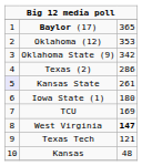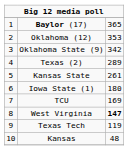 <table class="wikitable" style="display: inline-table;">
 <tr>
 <td align="center" Colspan="3"><strong>Big 12 media poll</strong></td>
 </tr>
 <tr align="center">
 </tr>
 <tr align="center">
 <td>1</td>
 <td><strong>Baylor</strong> (17)</td>
 <td>365</td>
 </tr>
 <tr align="center">
 <td>2</td>
 <td>Oklahoma (12)</td>
 <td>353</td>
 </tr>
 <tr align="center">
 <td>3</td>
 <td>Oklahoma State (9)</td>
 <td>342</td>
 </tr>
 <tr align="center">
 <td>4</td>
 <td>Texas (2)</td>
-<td>286</td>
+<td>289</td>
 </tr>
 <tr align="center">
-<td style="background: lavender;">5</td>
+<td>5</td>
 <td>Kansas State</td>
 <td>261</td>
 </tr>
 <tr align="center">
 <td>6</td>
 <td>Iowa State (1)</td>
 <td>180</td>
 </tr>
 <tr align="center">
 <td>7</td>
 <td>TCU</td>
 <td>169</td>
 </tr>
 <tr align="center">
 <td>8</td>
 <td>West Virginia</td>
 <td><strong>147</strong></td>
 </tr>
 <tr align="center">
 <td>9</td>
 <td>Texas Tech</td>
-<td>121</td>
+<td>119</td>
 </tr>
 <tr align="center">
 <td>10</td>
 <td>Kansas</td>
 <td>48</td>
 </tr>
 <tr>
 </tr>
 </table>
